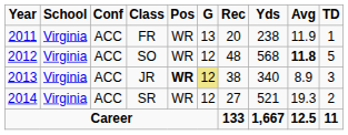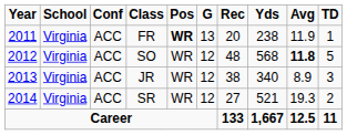 <table class="wikitable"style="text-align:center">
 <tr>
 <td style="font-weight:bold;">Year</td>
 <td style="font-weight:bold;">School</td>
 <td style="font-weight:bold;">Conf</td>
 <td style="font-weight:bold;">Class</td>
 <td style="font-weight:bold;">Pos</td>
 <td style="font-weight:bold;">G</td>
 <td style="font-weight:bold;">Rec</td>
 <td style="font-weight:bold;">Yds</td>
 <td style="font-weight:bold;">Avg</td>
 <td style="font-weight:bold;">TD</td>
 </tr>
 <tr>
 <td><a href='#'>2011</a></td>
 <td><a href='#'>Virginia</a></td>
 <td>ACC</td>
 <td>FR</td>
-<td>WR</td>
+<td><strong>WR</strong></td>
 <td>13</td>
 <td>20</td>
 <td>238</td>
 <td>11.9</td>
 <td>1</td>
 </tr>
 <tr>
 <td><a href='#'>2012</a></td>
 <td><a href='#'>Virginia</a></td>
 <td>ACC</td>
 <td>SO</td>
 <td>WR</td>
 <td>12</td>
 <td>48</td>
 <td>568</td>
 <td><strong>11.8</strong></td>
 <td>5</td>
 </tr>
 <tr>
 <td><a href='#'>2013</a></td>
 <td><a href='#'>Virginia</a></td>
 <td>ACC</td>
 <td>JR</td>
-<td><strong>WR</strong></td>
-<td style="background: khaki;">12</td>
+<td>WR</td>
+<td>12</td>
 <td>38</td>
 <td>340</td>
 <td>8.9</td>
 <td>3</td>
 </tr>
 <tr>
 <td><a href='#'>2014</a></td>
 <td><a href='#'>Virginia</a></td>
 <td>ACC</td>
 <td>SR</td>
 <td>WR</td>
 <td>12</td>
 <td>27</td>
 <td>521</td>
 <td>19.3</td>
 <td>2</td>
 </tr>
 <tr>
 <td colspan="6" style="font-weight:bold;">Career</td>
 <td style="font-weight:bold;">133</td>
 <td style="font-weight:bold;">1,667</td>
 <td style="font-weight:bold;">12.5</td>
 <td style="font-weight:bold;">11</td>
 </tr>
 </table>
